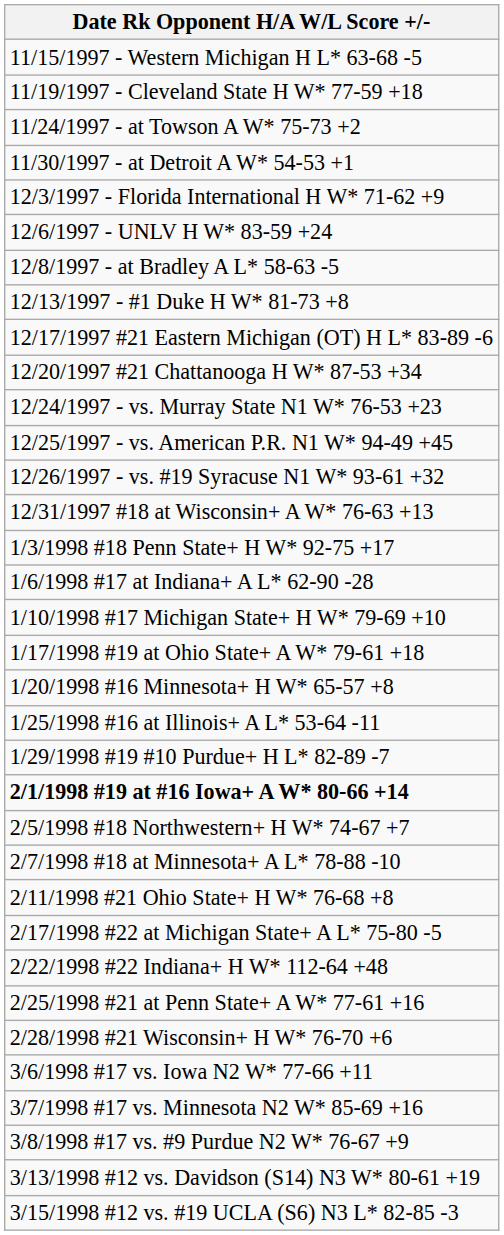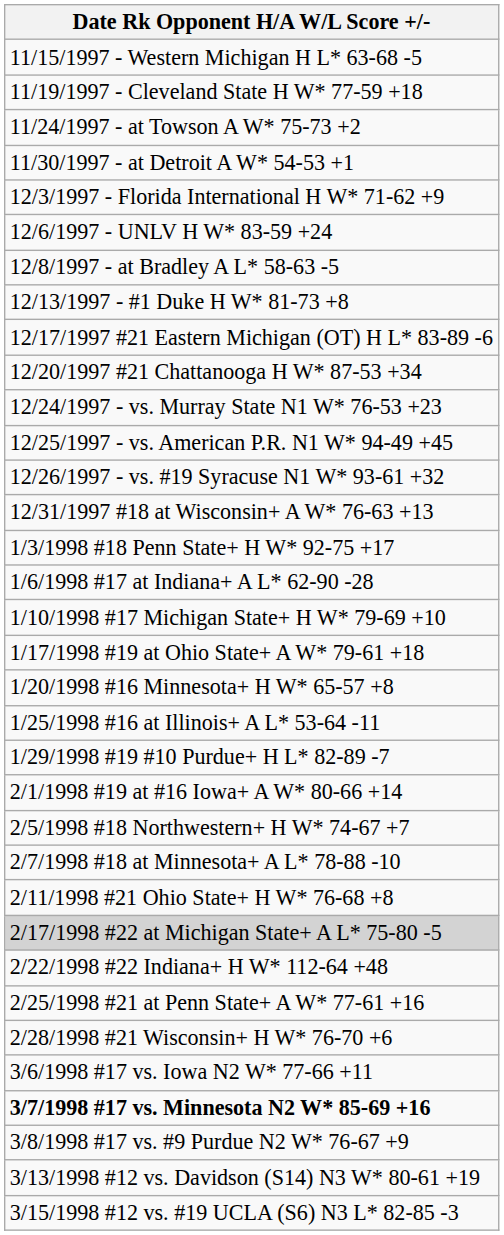 <table class="wikitable">
 <tr>
 <th>Date Rk Opponent H/A W/L Score +/-</th>
 </tr>
 <tr>
 <td>11/15/1997 - Western Michigan H L* 63-68 -5</td>
 </tr>
 <tr>
 <td>11/19/1997 - Cleveland State H W* 77-59 +18</td>
 </tr>
 <tr>
 <td>11/24/1997 - at Towson A W* 75-73 +2</td>
 </tr>
 <tr>
 <td>11/30/1997 - at Detroit A W* 54-53 +1</td>
 </tr>
 <tr>
 <td>12/3/1997 - Florida International H W* 71-62 +9</td>
 </tr>
 <tr>
 <td>12/6/1997 - UNLV H W* 83-59 +24</td>
 </tr>
 <tr>
 <td>12/8/1997 - at Bradley A L* 58-63 -5</td>
 </tr>
 <tr>
 <td>12/13/1997 - #1 Duke H W* 81-73 +8</td>
 </tr>
 <tr>
 <td>12/17/1997 #21 Eastern Michigan (OT) H L* 83-89 -6</td>
 </tr>
 <tr>
 <td>12/20/1997 #21 Chattanooga H W* 87-53 +34</td>
 </tr>
 <tr>
 <td>12/24/1997 - vs. Murray State N1 W* 76-53 +23</td>
 </tr>
 <tr>
 <td>12/25/1997 - vs. American P.R. N1 W* 94-49 +45</td>
 </tr>
 <tr>
 <td>12/26/1997 - vs. #19 Syracuse N1 W* 93-61 +32</td>
 </tr>
 <tr>
 <td>12/31/1997 #18 at Wisconsin+ A W* 76-63 +13</td>
 </tr>
 <tr>
 <td>1/3/1998 #18 Penn State+ H W* 92-75 +17</td>
 </tr>
 <tr>
 <td>1/6/1998 #17 at Indiana+ A L* 62-90 -28</td>
 </tr>
 <tr>
 <td>1/10/1998 #17 Michigan State+ H W* 79-69 +10</td>
 </tr>
 <tr>
 <td>1/17/1998 #19 at Ohio State+ A W* 79-61 +18</td>
 </tr>
 <tr>
 <td>1/20/1998 #16 Minnesota+ H W* 65-57 +8</td>
 </tr>
 <tr>
 <td>1/25/1998 #16 at Illinois+ A L* 53-64 -11</td>
 </tr>
 <tr>
 <td>1/29/1998 #19 #10 Purdue+ H L* 82-89 -7</td>
 </tr>
 <tr>
-<td><strong>2/1/1998 #19 at #16 Iowa+ A W* 80-66 +14</strong></td>
+<td>2/1/1998 #19 at #16 Iowa+ A W* 80-66 +14</td>
 </tr>
 <tr>
 <td>2/5/1998 #18 Northwestern+ H W* 74-67 +7</td>
 </tr>
 <tr>
 <td>2/7/1998 #18 at Minnesota+ A L* 78-88 -10</td>
 </tr>
 <tr>
 <td>2/11/1998 #21 Ohio State+ H W* 76-68 +8</td>
 </tr>
 <tr>
-<td>2/17/1998 #22 at Michigan State+ A L* 75-80 -5</td>
+<td style="background: lightgrey;">2/17/1998 #22 at Michigan State+ A L* 75-80 -5</td>
 </tr>
 <tr>
 <td>2/22/1998 #22 Indiana+ H W* 112-64 +48</td>
 </tr>
 <tr>
 <td>2/25/1998 #21 at Penn State+ A W* 77-61 +16</td>
 </tr>
 <tr>
 <td>2/28/1998 #21 Wisconsin+ H W* 76-70 +6</td>
 </tr>
 <tr>
 <td>3/6/1998 #17 vs. Iowa N2 W* 77-66 +11</td>
 </tr>
 <tr>
-<td>3/7/1998 #17 vs. Minnesota N2 W* 85-69 +16</td>
+<td><strong>3/7/1998 #17 vs. Minnesota N2 W* 85-69 +16</strong></td>
 </tr>
 <tr>
 <td>3/8/1998 #17 vs. #9 Purdue N2 W* 76-67 +9</td>
 </tr>
 <tr>
 <td>3/13/1998 #12 vs. Davidson (S14) N3 W* 80-61 +19</td>
 </tr>
 <tr>
 <td>3/15/1998 #12 vs. #19 UCLA (S6) N3 L* 82-85 -3</td>
 </tr>
 </table>
